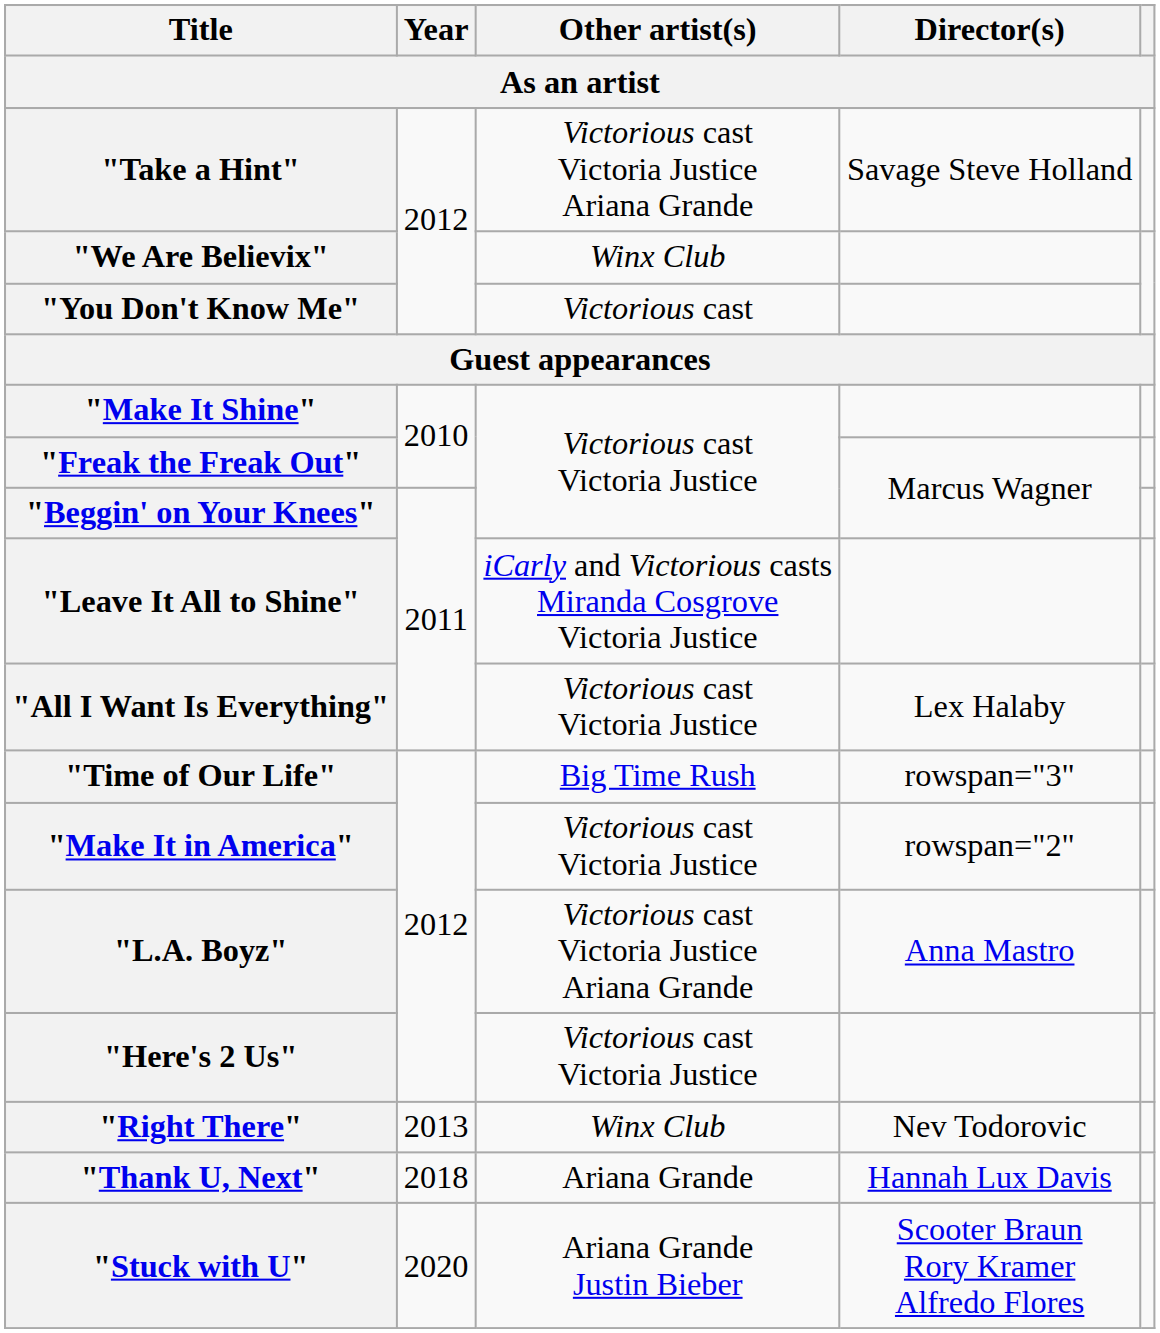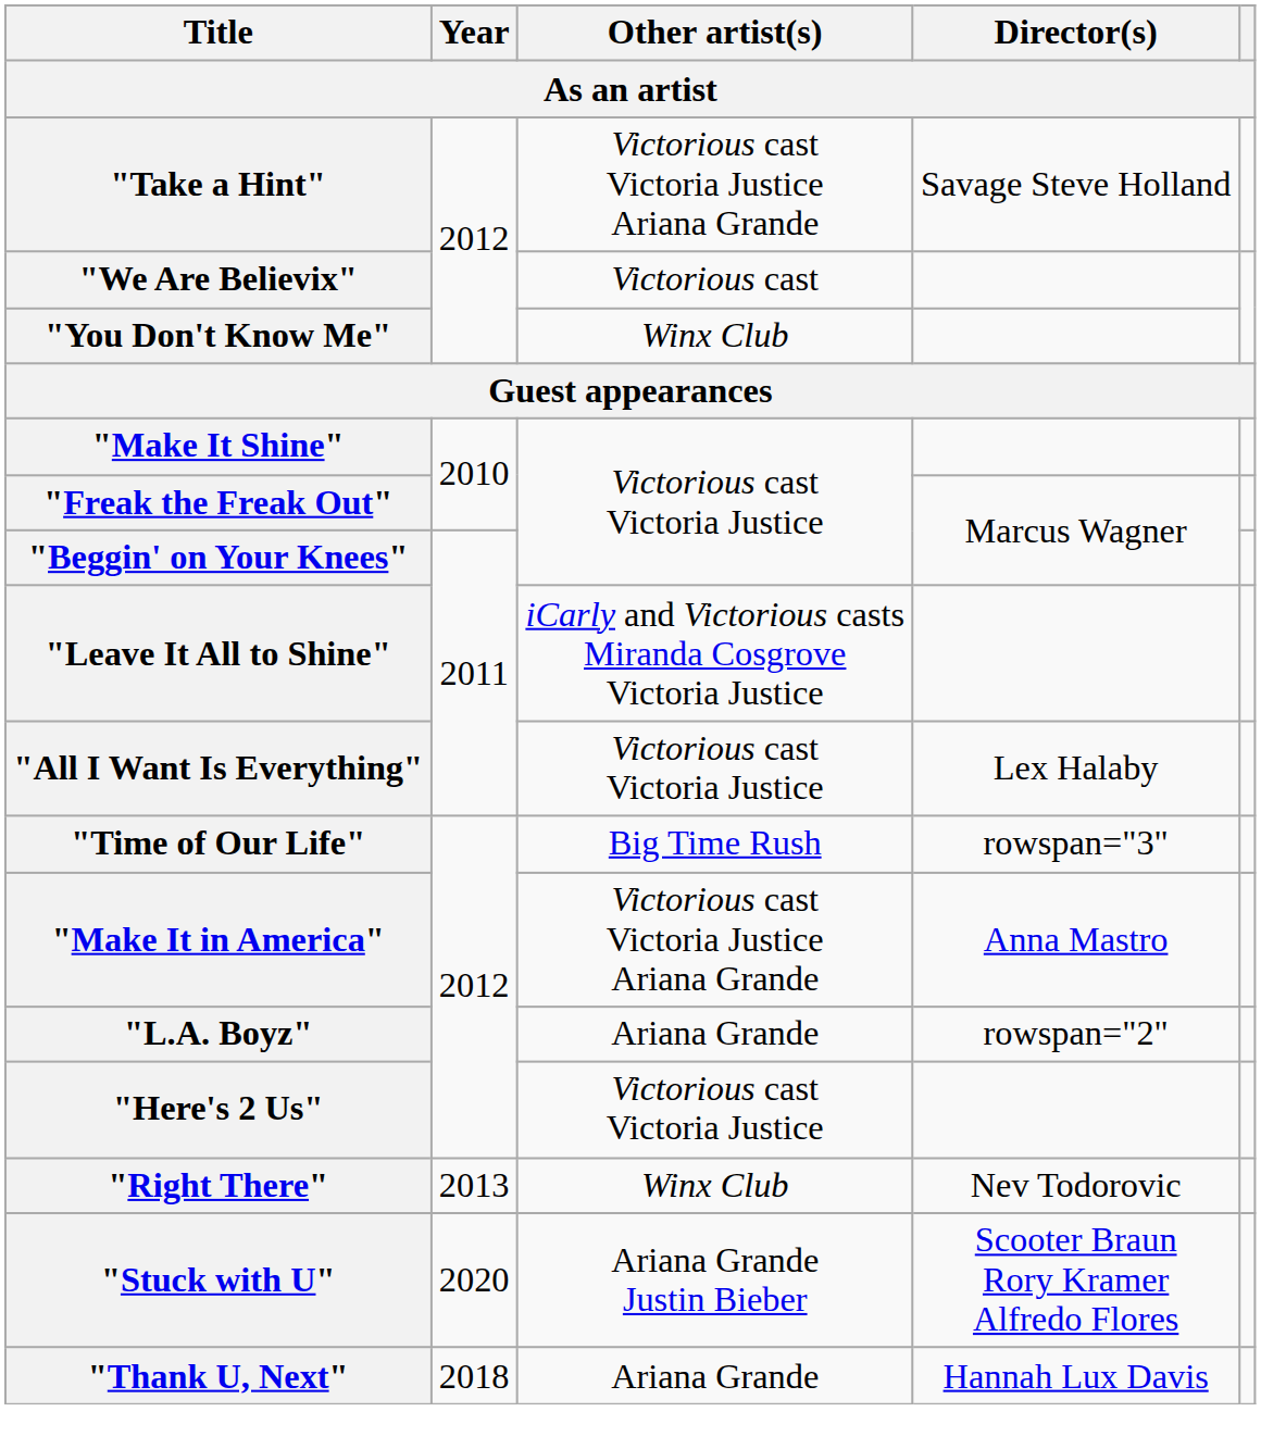 <table class="wikitable plainrowheaders" style="text-align:center;">
 <tr>
 <th scope="col">Title</th>
 <th scope="col">Year</th>
 <th scope="col">Other artist(s)</th>
 <th scope="col">Director(s)</th>
 <th scope="col"></th>
 </tr>
 <tr>
 <th scope="col" colspan="5">As an artist</th>
 </tr>
 <tr>
 <th scope="row">"Take a Hint"</th>
 <td rowspan="3">2012</td>
 <td><em>Victorious</em> cast<br>Victoria Justice<br>Ariana Grande</td>
 <td>Savage Steve Holland</td>
 <td></td>
 </tr>
 <tr>
 <th scope="row">"We Are Believix"</th>
-<td><em>Winx Club</em></td>
+<td><em>Victorious</em> cast</td>
 <td></td>
 </tr>
 <tr>
 <th scope="row">"You Don't Know Me"</th>
-<td><em>Victorious</em> cast</td>
+<td><em>Winx Club</em></td>
 <td></td>
 </tr>
 <tr>
 <th scope="col" colspan="5">Guest appearances</th>
 </tr>
 <tr>
 <th scope="row">"<a href='#'>Make It Shine</a>"</th>
 <td rowspan="2">2010</td>
 <td rowspan="3"><em>Victorious</em> cast<br>Victoria Justice</td>
 <td></td>
 <td></td>
 </tr>
 <tr>
 <th scope="row">"<a href='#'>Freak the Freak Out</a>"</th>
 <td rowspan="2">Marcus Wagner</td>
 <td></td>
 </tr>
 <tr>
 <th scope="row">"<a href='#'>Beggin' on Your Knees</a>"</th>
 <td rowspan="3">2011</td>
 <td></td>
 </tr>
 <tr>
 <th scope="row">"Leave It All to Shine"</th>
 <td><em><a href='#'>iCarly</a></em> and <em>Victorious</em> casts<br><a href='#'>Miranda Cosgrove</a><br>Victoria Justice</td>
 <td></td>
 <td></td>
 </tr>
 <tr>
 <th scope="row">"All I Want Is Everything"</th>
 <td><em>Victorious</em> cast<br>Victoria Justice</td>
 <td>Lex Halaby</td>
 <td></td>
 </tr>
 <tr>
 <th scope="row">"Time of Our Life"</th>
 <td rowspan="4">2012</td>
 <td><a href='#'>Big Time Rush</a></td>
 <td>rowspan="3" </td>
 <td></td>
 </tr>
 <tr>
 <th scope="row">"<a href='#'>Make It in America</a>"</th>
-<td><em>Victorious</em> cast<br>Victoria Justice</td>
-<td>rowspan="2" </td>
+<td><em>Victorious</em> cast<br>Victoria Justice<br>Ariana Grande</td>
+<td><a href='#'>Anna Mastro</a></td>
 <td></td>
 </tr>
 <tr>
 <th scope="row">"L.A. Boyz"</th>
-<td><em>Victorious</em> cast<br>Victoria Justice<br>Ariana Grande</td>
-<td><a href='#'>Anna Mastro</a></td>
+<td>Ariana Grande</td>
+<td>rowspan="2" </td>
 <td></td>
 </tr>
 <tr>
 <th scope="row">"Here's 2 Us"</th>
 <td><em>Victorious</em> cast<br>Victoria Justice</td>
 <td></td>
 </tr>
 <tr>
 <th scope="row">"<a href='#'>Right There</a>"</th>
 <td>2013</td>
 <td><em>Winx Club</em></td>
 <td>Nev Todorovic</td>
 <td></td>
 </tr>
 <tr>
+<th scope="row">"<a href='#'>Stuck with U</a>"</th>
+<td>2020</td>
+<td>Ariana Grande<br><a href='#'>Justin Bieber</a></td>
+<td><a href='#'>Scooter Braun</a><br><a href='#'>Rory Kramer</a><br><a href='#'>Alfredo Flores</a></td>
+<td></td>
+</tr>
+<tr>
 <th scope="row">"<a href='#'>Thank U, Next</a>"</th>
 <td>2018</td>
 <td>Ariana Grande</td>
 <td><a href='#'>Hannah Lux Davis</a></td>
 <td></td>
 </tr>
-<tr>
-<th scope="row">"<a href='#'>Stuck with U</a>"</th>
-<td>2020</td>
-<td>Ariana Grande<br><a href='#'>Justin Bieber</a></td>
-<td><a href='#'>Scooter Braun</a><br><a href='#'>Rory Kramer</a><br><a href='#'>Alfredo Flores</a></td>
-<td></td>
-</tr>
 </table>
